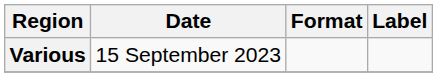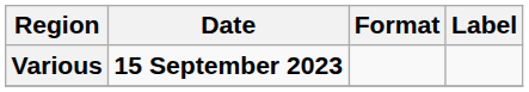 <table class="wikitable plainrowheaders">
 <tr>
 <th scope="col">Region</th>
 <th scope="col">Date</th>
 <th scope="col">Format</th>
 <th scope="col">Label</th>
 </tr>
 <tr>
 <th scope="row">Various</th>
-<td>15 September 2023</td>
+<td><strong>15 September 2023</strong></td>
 <td></td>
 <td></td>
 </tr>
 <tr>
 </tr>
 </table>
